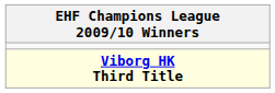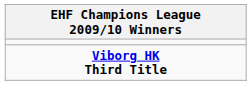 <table class="wikitable" style="text-align: center; margin: 0 auto; width: 20%">
 <tr>
 <th>EHF Champions League <br>2009/10 Winners</th>
 </tr>
 <tr>
 <td></td>
 </tr>
 <tr>
-<td style="background: lightyellow;"><strong><a href='#'>Viborg HK</a></strong><br><strong>Third Title</strong> </td>
+<td><strong><a href='#'>Viborg HK</a></strong><br><strong>Third Title</strong> </td>
 </tr>
 </table>
